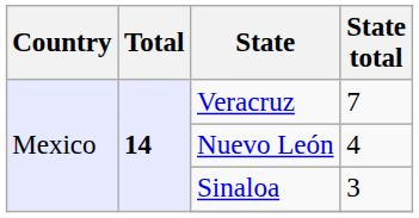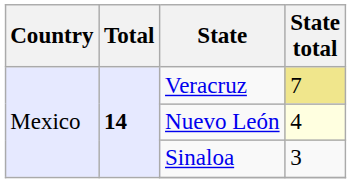 <table class="wikitable" align="right">
 <tr>
 <th><strong>Country</strong></th>
 <th><strong>Total</strong></th>
 <th><strong>State</strong></th>
 <th><strong>State<br>total</strong></th>
 </tr>
 <tr>
 <td rowspan=5 bgcolor="#e6e9ff">Mexico</td>
 <td rowspan=5 bgcolor="#e6e9ff"><strong>14</strong></td>
 <td><a href='#'>Veracruz</a></td>
-<td>7</td>
+<td style="background: khaki;">7</td>
 </tr>
 <tr>
 <td><a href='#'>Nuevo León</a></td>
-<td>4</td>
+<td style="background: lightyellow;">4</td>
 </tr>
 <tr>
 <td><a href='#'>Sinaloa</a></td>
 <td>3</td>
 </tr>
 <tr>
 </tr>
 </table>
